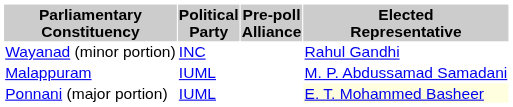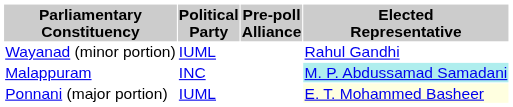 <table class="toccolours" align="left" cellspacing="1" cellpadding="1" style="margin-right: .5em; margin-top: .4em; font-size: 90%">
 <tr bgcolor="#cccccc" valign="top">
 <th>Parliamentary <br>Constituency</th>
 <th>Political <br>Party</th>
 <th>Pre-poll <br>Alliance</th>
 <th>Elected <br> Representative</th>
 </tr>
 <tr>
 <td><a href='#'>Wayanad</a> (minor portion)</td>
-<td style="background-color:"><a href='#'><span>INC</span></a></td>
+<td style="background-color:"><a href='#'><span>IUML</span></a></td>
 <td></td>
 <td><a href='#'>Rahul Gandhi</a></td>
 </tr>
 <tr>
 <td><a href='#'>Malappuram</a></td>
-<td style="background-color:"><a href='#'><span>IUML</span></a></td>
+<td style="background-color:"><a href='#'><span>INC</span></a></td>
 <td></td>
-<td><a href='#'>M. P. Abdussamad Samadani</a></td>
+<td style="background: paleturquoise;"><a href='#'>M. P. Abdussamad Samadani</a></td>
 </tr>
 <tr>
 <td><a href='#'>Ponnani</a> (major portion)</td>
 <td style="background-color:"><a href='#'><span>IUML</span></a></td>
 <td></td>
 <td style="background: lightyellow;"><a href='#'>E. T. Mohammed Basheer</a></td>
 </tr>
 </table>
